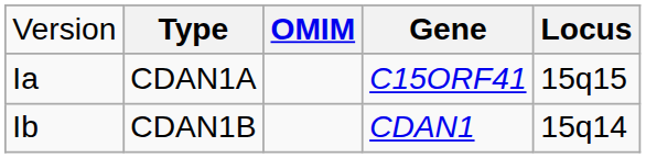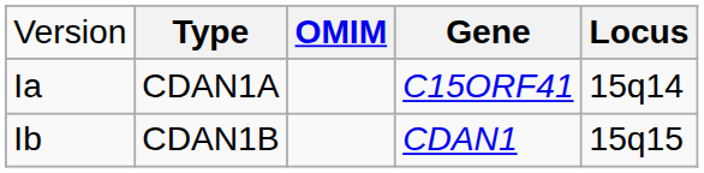 <table class="wikitable">
 <tr>
 <td>Version</td>
 <th>Type</th>
 <th><a href='#'>OMIM</a></th>
 <th>Gene</th>
 <th>Locus</th>
 </tr>
 <tr>
 <td>Ia</td>
 <td>CDAN1A</td>
 <td></td>
 <td><em><a href='#'>C15ORF41</a></em></td>
-<td>15q15</td>
+<td>15q14</td>
 </tr>
 <tr>
 <td>Ib</td>
 <td>CDAN1B</td>
 <td></td>
 <td><em><a href='#'>CDAN1</a></em></td>
-<td>15q14</td>
+<td>15q15</td>
 </tr>
 </table>
